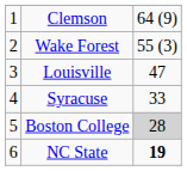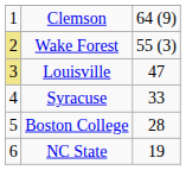 <table class="wikitable" style="display: inline-table; text-align: center;">
 <tr align="center">
 </tr>
 <tr align="center">
 <td>1</td>
 <td><a href='#'>Clemson</a></td>
 <td>64 (9)</td>
 </tr>
 <tr>
-<td>2</td>
+<td style="background: khaki;">2</td>
 <td><a href='#'>Wake Forest</a></td>
 <td>55 (3)</td>
 </tr>
 <tr>
-<td>3</td>
+<td style="background: khaki;">3</td>
 <td><a href='#'>Louisville</a></td>
 <td>47</td>
 </tr>
 <tr>
 <td>4</td>
 <td><a href='#'>Syracuse</a></td>
 <td>33</td>
 </tr>
 <tr>
 <td>5</td>
 <td><a href='#'>Boston College</a></td>
-<td style="background: lightgrey;">28</td>
+<td>28</td>
 </tr>
 <tr>
 <td>6</td>
 <td><a href='#'>NC State</a></td>
-<td><strong>19</strong></td>
+<td>19</td>
 </tr>
 </table>
